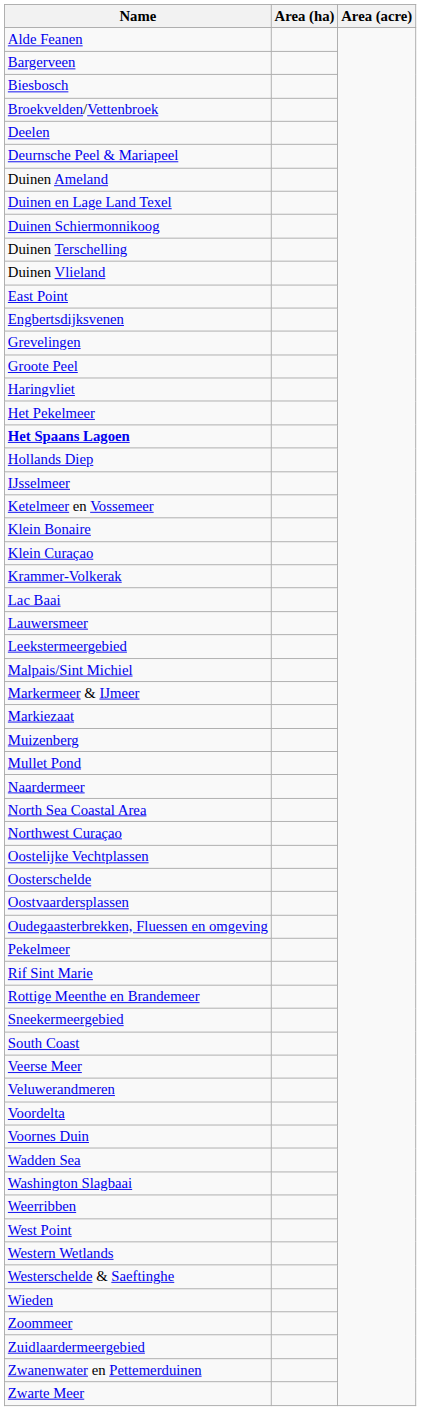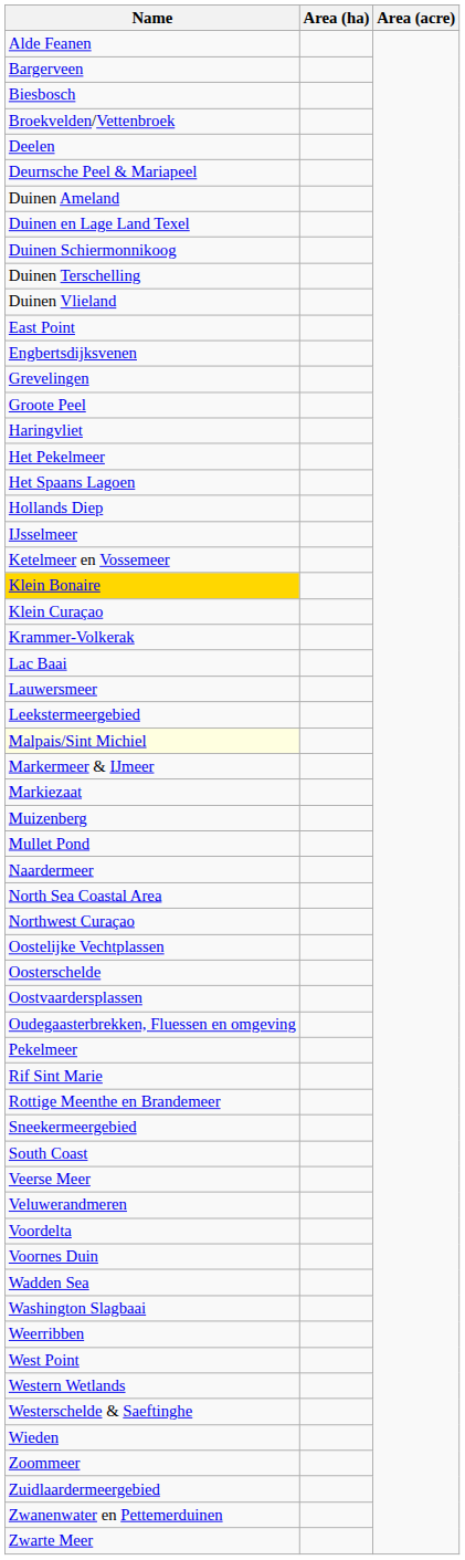 <table class="wikitable sortable">
 <tr>
 <th scope="col" align=left>Name</th>
 <th scope="col">Area (ha)</th>
 <th scope="col">Area (acre)</th>
 </tr>
 <tr ---->
 <td><a href='#'>Alde Feanen</a></td>
 <td></td>
 </tr>
 <tr ---->
 <td><a href='#'>Bargerveen</a></td>
 <td></td>
 </tr>
 <tr ---->
 <td><a href='#'>Biesbosch</a></td>
 <td></td>
 </tr>
 <tr ---->
 <td><a href='#'>Broekvelden</a>/<a href='#'>Vettenbroek</a></td>
 <td></td>
 </tr>
 <tr ---->
 <td><a href='#'>Deelen</a></td>
 <td></td>
 </tr>
 <tr ---->
 <td><a href='#'>Deurnsche Peel & Mariapeel</a></td>
 <td></td>
 </tr>
 <tr ---->
 <td>Duinen <a href='#'>Ameland</a></td>
 <td></td>
 </tr>
 <tr ---->
 <td><a href='#'>Duinen en Lage Land Texel</a></td>
 <td></td>
 </tr>
 <tr ---->
 <td><a href='#'>Duinen Schiermonnikoog</a></td>
 <td></td>
 </tr>
 <tr ---->
 <td>Duinen <a href='#'>Terschelling</a></td>
 <td></td>
 </tr>
 <tr ---->
 <td>Duinen <a href='#'>Vlieland</a></td>
 <td></td>
 </tr>
 <tr ---->
 <td><a href='#'>East Point</a></td>
 <td></td>
 </tr>
 <tr ---->
 <td><a href='#'>Engbertsdijksvenen</a></td>
 <td></td>
 </tr>
 <tr ---->
 <td><a href='#'>Grevelingen</a></td>
 <td></td>
 </tr>
 <tr ---->
 <td><a href='#'>Groote Peel</a></td>
 <td></td>
 </tr>
 <tr ---->
 <td><a href='#'>Haringvliet</a></td>
 <td></td>
 </tr>
 <tr ---->
 <td><a href='#'>Het Pekelmeer</a></td>
 <td></td>
 </tr>
 <tr ---->
-<td><strong><a href='#'>Het Spaans Lagoen</a></strong></td>
+<td><a href='#'>Het Spaans Lagoen</a></td>
 <td></td>
 </tr>
 <tr ---->
 <td><a href='#'>Hollands Diep</a></td>
 <td></td>
 </tr>
 <tr ---->
 <td><a href='#'>IJsselmeer</a></td>
 <td></td>
 </tr>
 <tr ---->
 <td><a href='#'>Ketelmeer</a> en <a href='#'>Vossemeer</a></td>
 <td></td>
 </tr>
 <tr ---->
-<td><a href='#'>Klein Bonaire</a></td>
+<td style="background: gold;"><a href='#'>Klein Bonaire</a></td>
 <td></td>
 </tr>
 <tr ---->
 <td><a href='#'>Klein Curaçao</a></td>
 <td></td>
 </tr>
 <tr ---->
 <td><a href='#'>Krammer-Volkerak</a></td>
 <td></td>
 </tr>
 <tr ---->
 <td><a href='#'>Lac Baai</a></td>
 <td></td>
 </tr>
 <tr ---->
 <td><a href='#'>Lauwersmeer</a></td>
 <td></td>
 </tr>
 <tr ---->
 <td><a href='#'>Leekstermeergebied</a></td>
 <td></td>
 </tr>
 <tr ---->
-<td><a href='#'>Malpais/Sint Michiel</a></td>
+<td style="background: lightyellow;"><a href='#'>Malpais/Sint Michiel</a></td>
 <td></td>
 </tr>
 <tr ---->
 <td><a href='#'>Markermeer</a> & <a href='#'>IJmeer</a></td>
 <td></td>
 </tr>
 <tr ---->
 <td><a href='#'>Markiezaat</a></td>
 <td></td>
 </tr>
 <tr ---->
 <td><a href='#'>Muizenberg</a></td>
 <td></td>
 </tr>
 <tr ---->
 <td><a href='#'>Mullet Pond</a></td>
 <td></td>
 </tr>
 <tr ---->
 <td><a href='#'>Naardermeer</a></td>
 <td></td>
 </tr>
 <tr ---->
 <td><a href='#'>North Sea Coastal Area</a></td>
 <td></td>
 </tr>
 <tr ---->
 <td><a href='#'>Northwest Curaçao</a></td>
 <td></td>
 </tr>
 <tr ---->
 <td><a href='#'>Oostelijke Vechtplassen</a></td>
 <td></td>
 </tr>
 <tr ---->
 <td><a href='#'>Oosterschelde</a></td>
 <td></td>
 </tr>
 <tr ---->
 <td><a href='#'>Oostvaardersplassen</a></td>
 <td></td>
 </tr>
 <tr ---->
 <td><a href='#'>Oudegaasterbrekken, Fluessen en omgeving</a></td>
 <td></td>
 </tr>
 <tr ---->
 <td><a href='#'>Pekelmeer</a></td>
 <td></td>
 </tr>
 <tr ---->
 <td><a href='#'>Rif Sint Marie</a></td>
 <td></td>
 </tr>
 <tr ---->
 <td><a href='#'>Rottige Meenthe en Brandemeer</a></td>
 <td></td>
 </tr>
 <tr ---->
 <td><a href='#'>Sneekermeergebied</a></td>
 <td></td>
 </tr>
 <tr ---->
 <td><a href='#'>South Coast</a></td>
 <td></td>
 </tr>
 <tr ---->
 <td><a href='#'>Veerse Meer</a></td>
 <td></td>
 </tr>
 <tr ---->
 <td><a href='#'>Veluwerandmeren</a></td>
 <td></td>
 </tr>
 <tr ---->
 <td><a href='#'>Voordelta</a></td>
 <td></td>
 </tr>
 <tr ---->
 <td><a href='#'>Voornes Duin</a></td>
 <td></td>
 </tr>
 <tr ---->
 <td><a href='#'>Wadden Sea</a></td>
 <td></td>
 </tr>
 <tr ---->
 <td><a href='#'>Washington Slagbaai</a></td>
 <td></td>
 </tr>
 <tr ---->
 <td><a href='#'>Weerribben</a></td>
 <td></td>
 </tr>
 <tr ---->
 <td><a href='#'>West Point</a></td>
 <td></td>
 </tr>
 <tr ---->
 <td><a href='#'>Western Wetlands</a></td>
 <td></td>
 </tr>
 <tr ---->
 <td><a href='#'>Westerschelde</a> & <a href='#'>Saeftinghe</a></td>
 <td></td>
 </tr>
 <tr ---->
 <td><a href='#'>Wieden</a></td>
 <td></td>
 </tr>
 <tr ---->
 <td><a href='#'>Zoommeer</a></td>
 <td></td>
 </tr>
 <tr ---->
 <td><a href='#'>Zuidlaardermeergebied</a></td>
 <td></td>
 </tr>
 <tr ---->
 <td><a href='#'>Zwanenwater</a> en <a href='#'>Pettemerduinen</a></td>
 <td></td>
 </tr>
 <tr ---->
 <td><a href='#'>Zwarte Meer</a></td>
 <td></td>
 </tr>
 </table>
